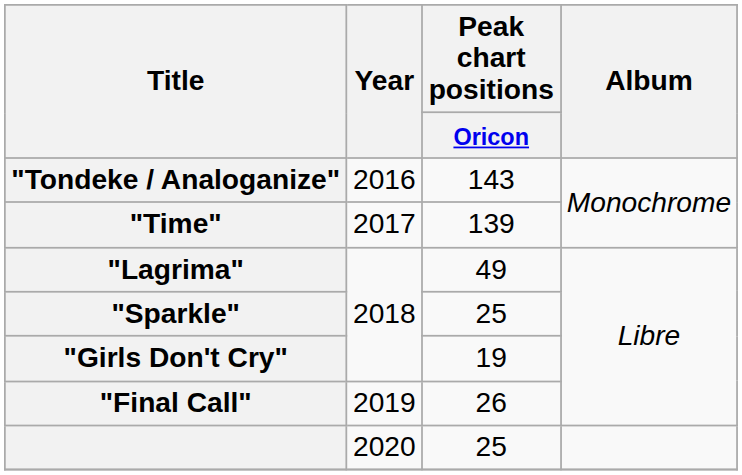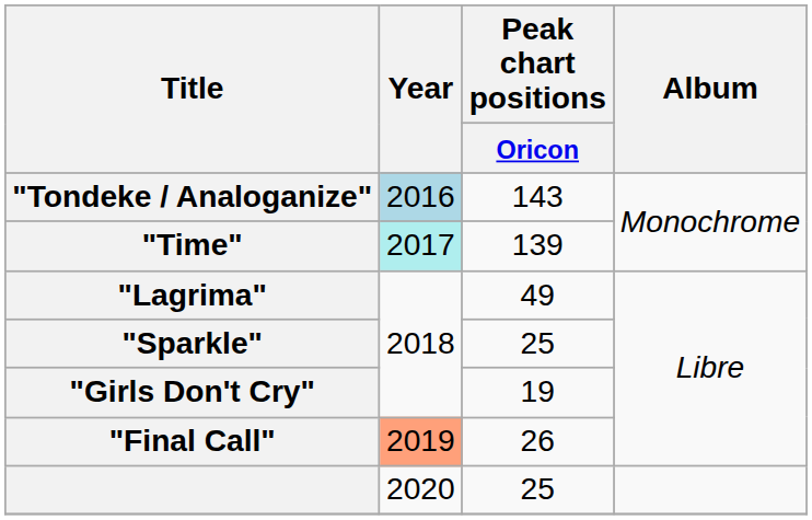 <table class="wikitable plainrowheaders" style="text-align:center;">
 <tr>
 <th scope="col" rowspan="2">Title</th>
 <th scope="col" rowspan="2">Year</th>
 <th scope="col" colspan="1">Peak <br> chart <br> positions</th>
 <th scope="col" rowspan="2">Album</th>
 </tr>
 <tr>
 <th scope="col"><small><a href='#'>Oricon</a></small></th>
 </tr>
 <tr>
 <th scope="row">"Tondeke / Analoganize"</th>
-<td>2016</td>
+<td style="background: lightblue;">2016</td>
 <td>143</td>
 <td rowspan="2"><em>Monochrome</em></td>
 </tr>
 <tr>
 <th scope="row">"Time"</th>
-<td>2017</td>
+<td style="background: paleturquoise;">2017</td>
 <td>139</td>
 </tr>
 <tr>
 <th scope="row">"Lagrima"</th>
 <td rowspan="3">2018</td>
 <td>49</td>
 <td rowspan="4"><em>Libre</em></td>
 </tr>
 <tr>
 <th scope="row">"Sparkle"</th>
 <td>25</td>
 </tr>
 <tr>
 <th scope="row">"Girls Don't Cry"</th>
 <td>19</td>
 </tr>
 <tr>
 <th scope="row">"Final Call"</th>
-<td>2019</td>
+<td style="background: lightsalmon;">2019</td>
 <td>26</td>
 </tr>
 <tr>
 <th scope="row"></th>
 <td>2020</td>
 <td>25</td>
 <td></td>
 </tr>
 <tr>
 </tr>
 </table>
